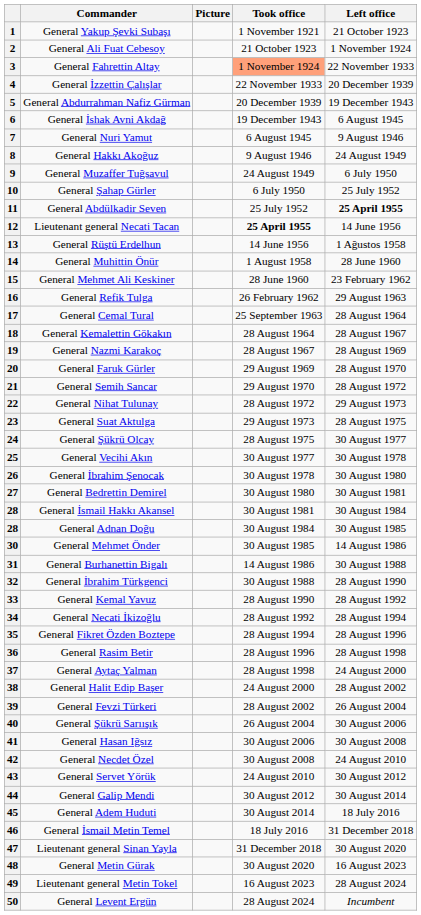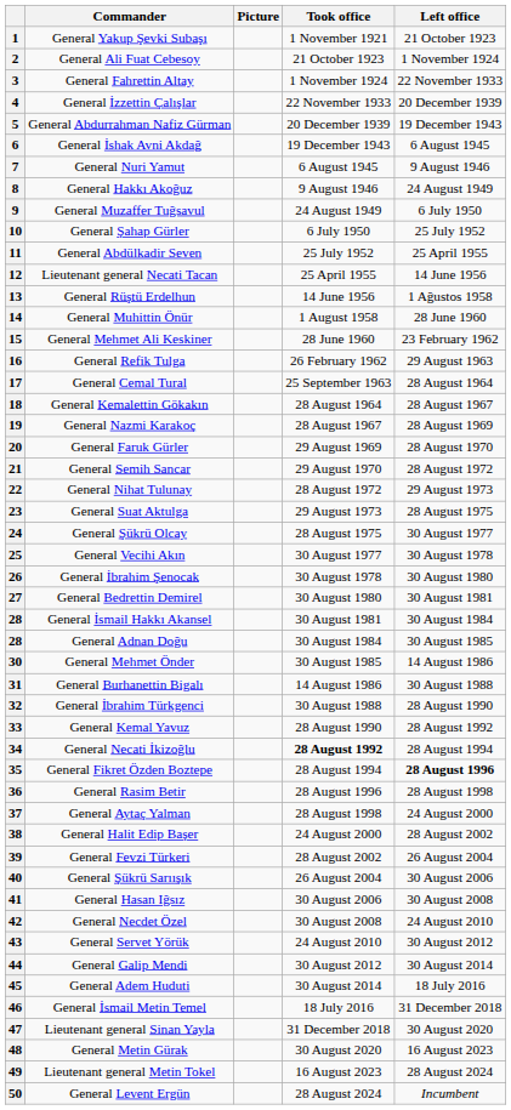 <table class="wikitable" style="text-align:center">
 <tr>
 <th></th>
 <th>Commander</th>
 <th>Picture</th>
 <th>Took office</th>
 <th>Left office</th>
 </tr>
 <tr>
 <th>1</th>
 <td>General <a href='#'>Yakup Şevki Subaşı</a></td>
 <td></td>
 <td>1 November 1921</td>
 <td>21 October 1923</td>
 </tr>
 <tr>
 <th>2</th>
 <td>General <a href='#'>Ali Fuat Cebesoy</a></td>
 <td></td>
 <td>21 October 1923</td>
 <td>1 November 1924</td>
 </tr>
 <tr>
 <th>3</th>
 <td>General <a href='#'>Fahrettin Altay</a></td>
 <td></td>
-<td style="background: lightsalmon;">1 November 1924</td>
+<td>1 November 1924</td>
 <td>22 November 1933</td>
 </tr>
 <tr>
 <th>4</th>
 <td>General <a href='#'>İzzettin Çalışlar</a></td>
 <td></td>
 <td>22 November 1933</td>
 <td>20 December 1939</td>
 </tr>
 <tr>
 <th>5</th>
 <td>General <a href='#'>Abdurrahman Nafiz Gürman</a></td>
 <td></td>
 <td>20 December 1939</td>
 <td>19 December 1943</td>
 </tr>
 <tr>
 <th>6</th>
 <td>General <a href='#'>İshak Avni Akdağ</a></td>
 <td></td>
 <td>19 December 1943</td>
 <td>6 August 1945</td>
 </tr>
 <tr>
 <th>7</th>
 <td>General <a href='#'>Nuri Yamut</a></td>
 <td></td>
 <td>6 August 1945</td>
 <td>9 August 1946</td>
 </tr>
 <tr>
 <th>8</th>
 <td>General <a href='#'>Hakkı Akoğuz</a></td>
 <td></td>
 <td>9 August 1946</td>
 <td>24 August 1949</td>
 </tr>
 <tr>
 <th>9</th>
 <td>General <a href='#'>Muzaffer Tuğsavul</a></td>
 <td></td>
 <td>24 August 1949</td>
 <td>6 July 1950</td>
 </tr>
 <tr>
 <th>10</th>
 <td>General <a href='#'>Şahap Gürler</a></td>
 <td></td>
 <td>6 July 1950</td>
 <td>25 July 1952</td>
 </tr>
 <tr>
 <th>11</th>
 <td>General <a href='#'>Abdülkadir Seven</a></td>
 <td></td>
 <td>25 July 1952</td>
-<td><strong>25 April 1955</strong></td>
+<td>25 April 1955</td>
 </tr>
 <tr>
 <th>12</th>
 <td>Lieutenant general <a href='#'>Necati Tacan</a></td>
 <td></td>
-<td><strong>25 April 1955</strong></td>
+<td>25 April 1955</td>
 <td>14 June 1956</td>
 </tr>
 <tr>
 <th>13</th>
 <td>General <a href='#'>Rüştü Erdelhun</a></td>
 <td></td>
 <td>14 June 1956</td>
 <td>1 Ağustos 1958</td>
 </tr>
 <tr>
 <th>14</th>
 <td>General <a href='#'>Muhittin Önür</a></td>
 <td></td>
 <td>1 August 1958</td>
 <td>28 June 1960</td>
 </tr>
 <tr>
 <th>15</th>
 <td>General <a href='#'>Mehmet Ali Keskiner</a></td>
 <td></td>
 <td>28 June 1960</td>
 <td>23 February 1962</td>
 </tr>
 <tr>
 <th>16</th>
 <td>General <a href='#'>Refik Tulga</a></td>
 <td></td>
 <td>26 February 1962</td>
 <td>29 August 1963</td>
 </tr>
 <tr>
 <th>17</th>
 <td>General <a href='#'>Cemal Tural</a></td>
 <td></td>
 <td>25 September 1963</td>
 <td>28 August 1964</td>
 </tr>
 <tr>
 <th>18</th>
 <td>General <a href='#'>Kemalettin Gökakın</a></td>
 <td></td>
 <td>28 August 1964</td>
 <td>28 August 1967</td>
 </tr>
 <tr>
 <th>19</th>
 <td>General <a href='#'>Nazmi Karakoç</a></td>
 <td></td>
 <td>28 August 1967</td>
 <td>28 August 1969</td>
 </tr>
 <tr>
 <th>20</th>
 <td>General <a href='#'>Faruk Gürler</a></td>
 <td></td>
 <td>29 August 1969</td>
 <td>28 August 1970</td>
 </tr>
 <tr>
 <th>21</th>
 <td>General <a href='#'>Semih Sancar</a></td>
 <td></td>
 <td>29 August 1970</td>
 <td>28 August 1972</td>
 </tr>
 <tr>
 <th>22</th>
 <td>General <a href='#'>Nihat Tulunay</a></td>
 <td></td>
 <td>28 August 1972</td>
 <td>29 August 1973</td>
 </tr>
 <tr>
 <th>23</th>
 <td>General <a href='#'>Suat Aktulga</a></td>
 <td></td>
 <td>29 August 1973</td>
 <td>28 August 1975</td>
 </tr>
 <tr>
 <th>24</th>
 <td>General <a href='#'>Şükrü Olcay</a></td>
 <td></td>
 <td>28 August 1975</td>
 <td>30 August 1977</td>
 </tr>
 <tr>
 <th>25</th>
 <td>General <a href='#'>Vecihi Akın</a></td>
 <td></td>
 <td>30 August 1977</td>
 <td>30 August 1978</td>
 </tr>
 <tr>
 <th>26</th>
 <td>General <a href='#'>İbrahim Şenocak</a></td>
 <td></td>
 <td>30 August 1978</td>
 <td>30 August 1980</td>
 </tr>
 <tr>
 <th>27</th>
 <td>General <a href='#'>Bedrettin Demirel</a></td>
 <td></td>
 <td>30 August 1980</td>
 <td>30 August 1981</td>
 </tr>
 <tr>
 <th>28</th>
 <td>General <a href='#'>İsmail Hakkı Akansel</a></td>
 <td></td>
 <td>30 August 1981</td>
 <td>30 August 1984</td>
 </tr>
 <tr>
 <th>28</th>
 <td>General <a href='#'>Adnan Doğu</a></td>
 <td></td>
 <td>30 August 1984</td>
 <td>30 August 1985</td>
 </tr>
 <tr>
 <th>30</th>
 <td>General <a href='#'>Mehmet Önder</a></td>
 <td></td>
 <td>30 August 1985</td>
 <td>14 August 1986</td>
 </tr>
 <tr>
 <th>31</th>
 <td>General <a href='#'>Burhanettin Bigalı</a></td>
 <td></td>
 <td>14 August 1986</td>
 <td>30 August 1988</td>
 </tr>
 <tr>
 <th>32</th>
 <td>General <a href='#'>İbrahim Türkgenci</a></td>
 <td></td>
 <td>30 August 1988</td>
 <td>28 August 1990</td>
 </tr>
 <tr>
 <th>33</th>
 <td>General <a href='#'>Kemal Yavuz</a></td>
 <td></td>
 <td>28 August 1990</td>
 <td>28 August 1992</td>
 </tr>
 <tr>
 <th>34</th>
 <td>General <a href='#'>Necati İkizoğlu</a></td>
 <td></td>
-<td>28 August 1992</td>
+<td><strong>28 August 1992</strong></td>
 <td>28 August 1994</td>
 </tr>
 <tr>
 <th>35</th>
 <td>General <a href='#'>Fikret Özden Boztepe</a></td>
 <td></td>
 <td>28 August 1994</td>
-<td>28 August 1996</td>
+<td><strong>28 August 1996</strong></td>
 </tr>
 <tr>
 <th>36</th>
 <td>General <a href='#'>Rasim Betir</a></td>
 <td></td>
 <td>28 August 1996</td>
 <td>28 August 1998</td>
 </tr>
 <tr>
 <th>37</th>
 <td>General <a href='#'>Aytaç Yalman</a></td>
 <td></td>
 <td>28 August 1998</td>
 <td>24 August 2000</td>
 </tr>
 <tr>
 <th>38</th>
 <td>General <a href='#'>Halit Edip Başer</a></td>
 <td></td>
 <td>24 August 2000</td>
 <td>28 August 2002</td>
 </tr>
 <tr>
 <th>39</th>
 <td>General <a href='#'>Fevzi Türkeri</a></td>
 <td></td>
 <td>28 August 2002</td>
 <td>26 August 2004</td>
 </tr>
 <tr>
 <th>40</th>
 <td>General <a href='#'>Şükrü Sarıışık</a></td>
 <td></td>
 <td>26 August 2004</td>
 <td>30 August 2006</td>
 </tr>
 <tr>
 <th>41</th>
 <td>General <a href='#'>Hasan Iğsız</a></td>
 <td></td>
 <td>30 August 2006</td>
 <td>30 August 2008</td>
 </tr>
 <tr>
 <th>42</th>
 <td>General <a href='#'>Necdet Özel</a></td>
 <td></td>
 <td>30 August 2008</td>
 <td>24 August 2010</td>
 </tr>
 <tr>
 <th>43</th>
 <td>General <a href='#'>Servet Yörük</a></td>
 <td></td>
 <td>24 August 2010</td>
 <td>30 August 2012</td>
 </tr>
 <tr>
 <th>44</th>
 <td>General <a href='#'>Galip Mendi</a></td>
 <td></td>
 <td>30 August 2012</td>
 <td>30 August 2014</td>
 </tr>
 <tr>
 <th>45</th>
 <td>General <a href='#'>Adem Huduti</a></td>
 <td></td>
 <td>30 August 2014</td>
 <td>18 July 2016</td>
 </tr>
 <tr>
 <th>46</th>
 <td>General <a href='#'>İsmail Metin Temel</a></td>
 <td></td>
 <td>18 July 2016</td>
 <td>31 December 2018</td>
 </tr>
 <tr>
 <th>47</th>
 <td>Lieutenant general <a href='#'>Sinan Yayla</a></td>
 <td></td>
 <td>31 December 2018</td>
 <td>30 August 2020</td>
 </tr>
 <tr>
 <th>48</th>
 <td>General <a href='#'>Metin Gürak</a></td>
 <td></td>
 <td>30 August 2020</td>
 <td>16 August 2023</td>
 </tr>
 <tr>
 <th>49</th>
 <td>Lieutenant general <a href='#'>Metin Tokel</a></td>
 <td></td>
 <td>16 August 2023</td>
 <td>28 August 2024</td>
 </tr>
 <tr>
 <th>50</th>
 <td>General <a href='#'>Levent Ergün</a></td>
 <td></td>
 <td>28 August 2024</td>
 <td><em>Incumbent</em></td>
 </tr>
 </table>
